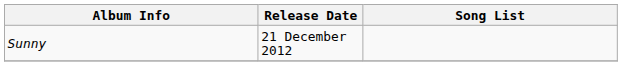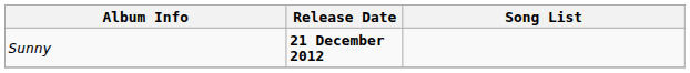 <table class="wikitable">
 <tr>
 <th align="left" width="250px">Album Info</th>
 <th align="left" width="100px">Release Date</th>
 <th align="left" width="250px">Song List</th>
 </tr>
 <tr>
 <td align="left"><em>Sunny</em></td>
-<td align="left">21 December 2012</td>
+<td align="left"><strong>21 December 2012</strong></td>
 <td align="left" style="font-size: 80%;"><br></td>
 </tr>
 <tr>
 </tr>
 </table>
